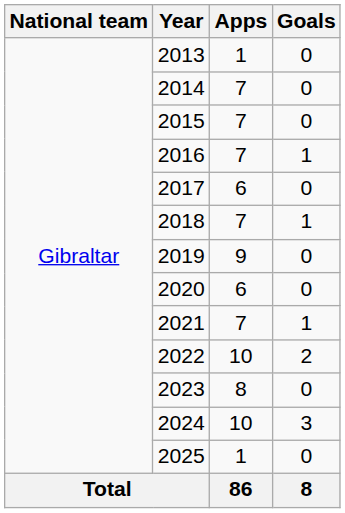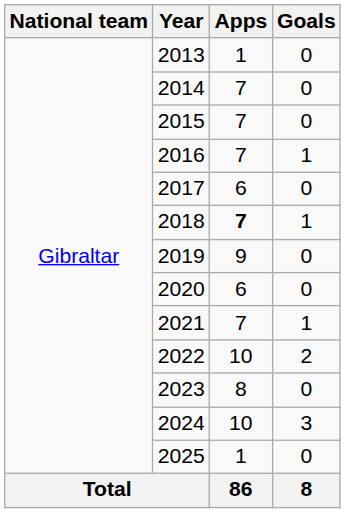 <table class="wikitable" style="text-align:center">
 <tr>
 <th>National team</th>
 <th>Year</th>
 <th>Apps</th>
 <th>Goals</th>
 </tr>
 <tr>
 <td rowspan="13"><a href='#'>Gibraltar</a></td>
 <td>2013</td>
 <td>1</td>
 <td>0</td>
 </tr>
 <tr>
 <td>2014</td>
 <td>7</td>
 <td>0</td>
 </tr>
 <tr>
 <td>2015</td>
 <td>7</td>
 <td>0</td>
 </tr>
 <tr>
 <td>2016</td>
 <td>7</td>
 <td>1</td>
 </tr>
 <tr>
 <td>2017</td>
 <td>6</td>
 <td>0</td>
 </tr>
 <tr>
 <td>2018</td>
-<td>7</td>
+<td><strong>7</strong></td>
 <td>1</td>
 </tr>
 <tr>
 <td>2019</td>
 <td>9</td>
 <td>0</td>
 </tr>
 <tr>
 <td>2020</td>
 <td>6</td>
 <td>0</td>
 </tr>
 <tr>
 <td>2021</td>
 <td>7</td>
 <td>1</td>
 </tr>
 <tr>
 <td>2022</td>
 <td>10</td>
 <td>2</td>
 </tr>
 <tr>
 <td>2023</td>
 <td>8</td>
 <td>0</td>
 </tr>
 <tr>
 <td>2024</td>
 <td>10</td>
 <td>3</td>
 </tr>
 <tr>
 <td>2025</td>
 <td>1</td>
 <td>0</td>
 </tr>
 <tr>
 <th colspan="2">Total</th>
 <th>86</th>
 <th>8</th>
 </tr>
 </table>
